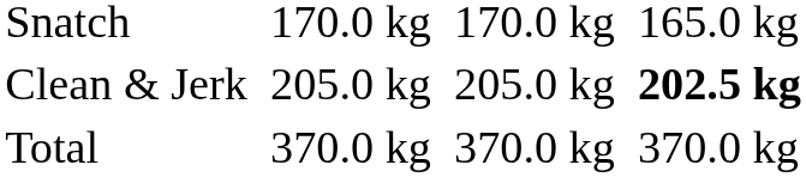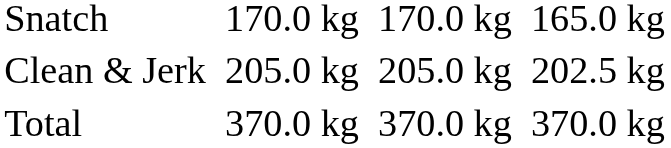 <table>
 <tr>
 <td>Snatch</td>
 <td></td>
 <td>170.0 kg</td>
 <td></td>
 <td>170.0 kg</td>
 <td></td>
 <td>165.0 kg</td>
 </tr>
 <tr>
 <td>Clean & Jerk</td>
 <td></td>
 <td>205.0 kg</td>
 <td></td>
 <td>205.0 kg</td>
 <td></td>
-<td><strong>202.5 kg</strong></td>
+<td>202.5 kg</td>
 </tr>
 <tr>
 <td>Total</td>
 <td></td>
 <td>370.0 kg</td>
 <td></td>
 <td>370.0 kg</td>
 <td></td>
 <td>370.0 kg</td>
 </tr>
 </table>
